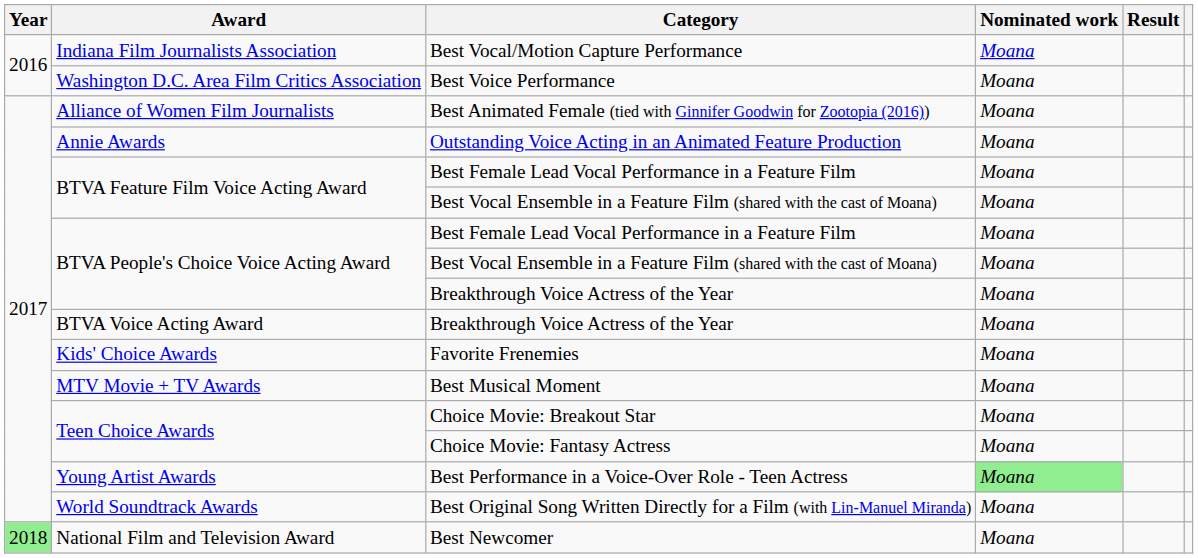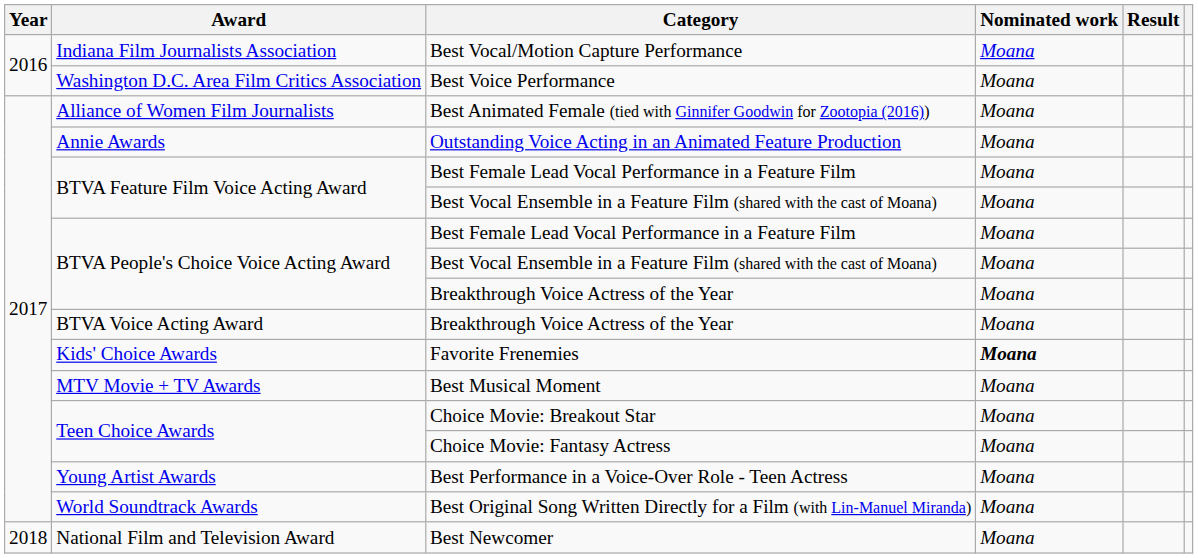 <table class="wikitable sortable">
 <tr>
 <th>Year</th>
 <th>Award</th>
 <th>Category</th>
 <th>Nominated work</th>
 <th>Result</th>
 <th class="unsortable"></th>
 </tr>
 <tr>
 <td rowspan="2">2016</td>
 <td><a href='#'>Indiana Film Journalists Association</a></td>
 <td>Best Vocal/Motion Capture Performance</td>
 <td><em><a href='#'>Moana</a></em></td>
 <td></td>
 <td style="text-align: center;"></td>
 </tr>
 <tr>
 <td><a href='#'>Washington D.C. Area Film Critics Association</a></td>
 <td>Best Voice Performance</td>
 <td><em>Moana</em></td>
 <td></td>
 <td style="text-align: center;"></td>
 </tr>
 <tr>
 <td rowspan="14">2017</td>
 <td><a href='#'>Alliance of Women Film Journalists</a></td>
 <td>Best Animated Female <small>(tied with <a href='#'>Ginnifer Goodwin</a> for <a href='#'>Zootopia (2016)</a>)</small></td>
 <td><em>Moana</em></td>
 <td></td>
 <td style="text-align: center;"></td>
 </tr>
 <tr>
 <td><a href='#'>Annie Awards</a></td>
 <td><a href='#'>Outstanding Voice Acting in an Animated Feature Production</a></td>
 <td><em>Moana</em></td>
 <td></td>
 <td style="text-align: center;"></td>
 </tr>
 <tr>
 <td rowspan="2">BTVA Feature Film Voice Acting Award</td>
 <td>Best Female Lead Vocal Performance in a Feature Film</td>
 <td><em>Moana</em></td>
 <td></td>
 <td style="text-align: center;"></td>
 </tr>
 <tr>
 <td>Best Vocal Ensemble in a Feature Film <small>(shared with the cast of Moana)</small></td>
 <td><em>Moana</em></td>
 <td></td>
 <td style="text-align: center;"></td>
 </tr>
 <tr>
 <td rowspan="3">BTVA People's Choice Voice Acting Award</td>
 <td>Best Female Lead Vocal Performance in a Feature Film</td>
 <td><em>Moana</em></td>
 <td></td>
 <td style="text-align: center;"></td>
 </tr>
 <tr>
 <td>Best Vocal Ensemble in a Feature Film <small>(shared with the cast of Moana)</small></td>
 <td><em>Moana</em></td>
 <td></td>
 <td style="text-align: center;"></td>
 </tr>
 <tr>
 <td>Breakthrough Voice Actress of the Year</td>
 <td><em>Moana</em></td>
 <td></td>
 <td style="text-align: center;"></td>
 </tr>
 <tr>
 <td>BTVA Voice Acting Award</td>
 <td>Breakthrough Voice Actress of the Year</td>
 <td><em>Moana</em></td>
 <td></td>
 <td style="text-align: center;"></td>
 </tr>
 <tr>
 <td><a href='#'>Kids' Choice Awards</a></td>
 <td>Favorite Frenemies </td>
-<td><em>Moana</em></td>
+<td><strong><em>Moana</em></strong></td>
 <td></td>
 <td style="text-align: center;"></td>
 </tr>
 <tr>
 <td><a href='#'>MTV Movie + TV Awards</a></td>
 <td>Best Musical Moment</td>
 <td><em>Moana</em></td>
 <td></td>
 <td style="text-align: center;"></td>
 </tr>
 <tr>
 <td rowspan="2"><a href='#'>Teen Choice Awards</a></td>
 <td>Choice Movie: Breakout Star</td>
 <td><em>Moana</em></td>
 <td></td>
 <td style="text-align: center;"></td>
 </tr>
 <tr>
 <td>Choice Movie: Fantasy Actress</td>
 <td><em>Moana</em></td>
 <td></td>
 <td style="text-align: center;"></td>
 </tr>
 <tr>
 <td><a href='#'>Young Artist Awards</a></td>
 <td>Best Performance in a Voice-Over Role - Teen Actress</td>
-<td style="background: lightgreen;"><em>Moana</em></td>
+<td><em>Moana</em></td>
 <td></td>
 <td style="text-align: center;"></td>
 </tr>
 <tr>
 <td><a href='#'>World Soundtrack Awards</a></td>
 <td>Best Original Song Written Directly for a Film <small>(with <a href='#'>Lin-Manuel Miranda</a>)</small></td>
 <td><em>Moana</em></td>
 <td></td>
 <td style="text-align: center;"></td>
 </tr>
 <tr>
-<td style="background: lightgreen;">2018</td>
+<td>2018</td>
 <td>National Film and Television Award</td>
 <td>Best Newcomer</td>
 <td><em>Moana</em></td>
 <td></td>
 <td style="text-align: center;"></td>
 </tr>
 </table>
